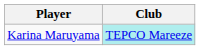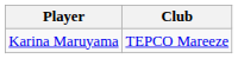 <table class="wikitable">
 <tr>
 <th>Player</th>
 <th>Club</th>
 </tr>
 <tr>
 <td> <a href='#'>Karina Maruyama</a></td>
-<td style="background: paleturquoise;"><a href='#'>TEPCO Mareeze</a></td>
+<td><a href='#'>TEPCO Mareeze</a></td>
 </tr>
 </table>
